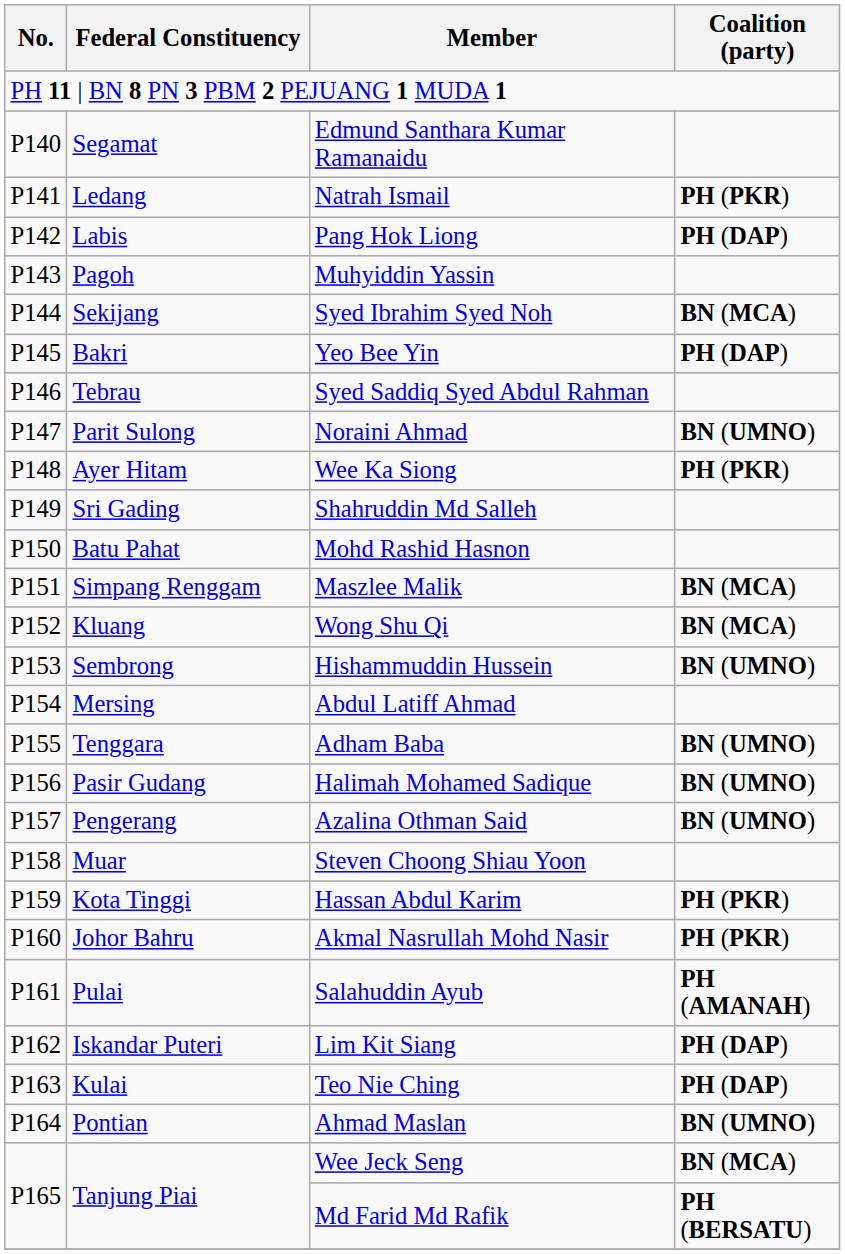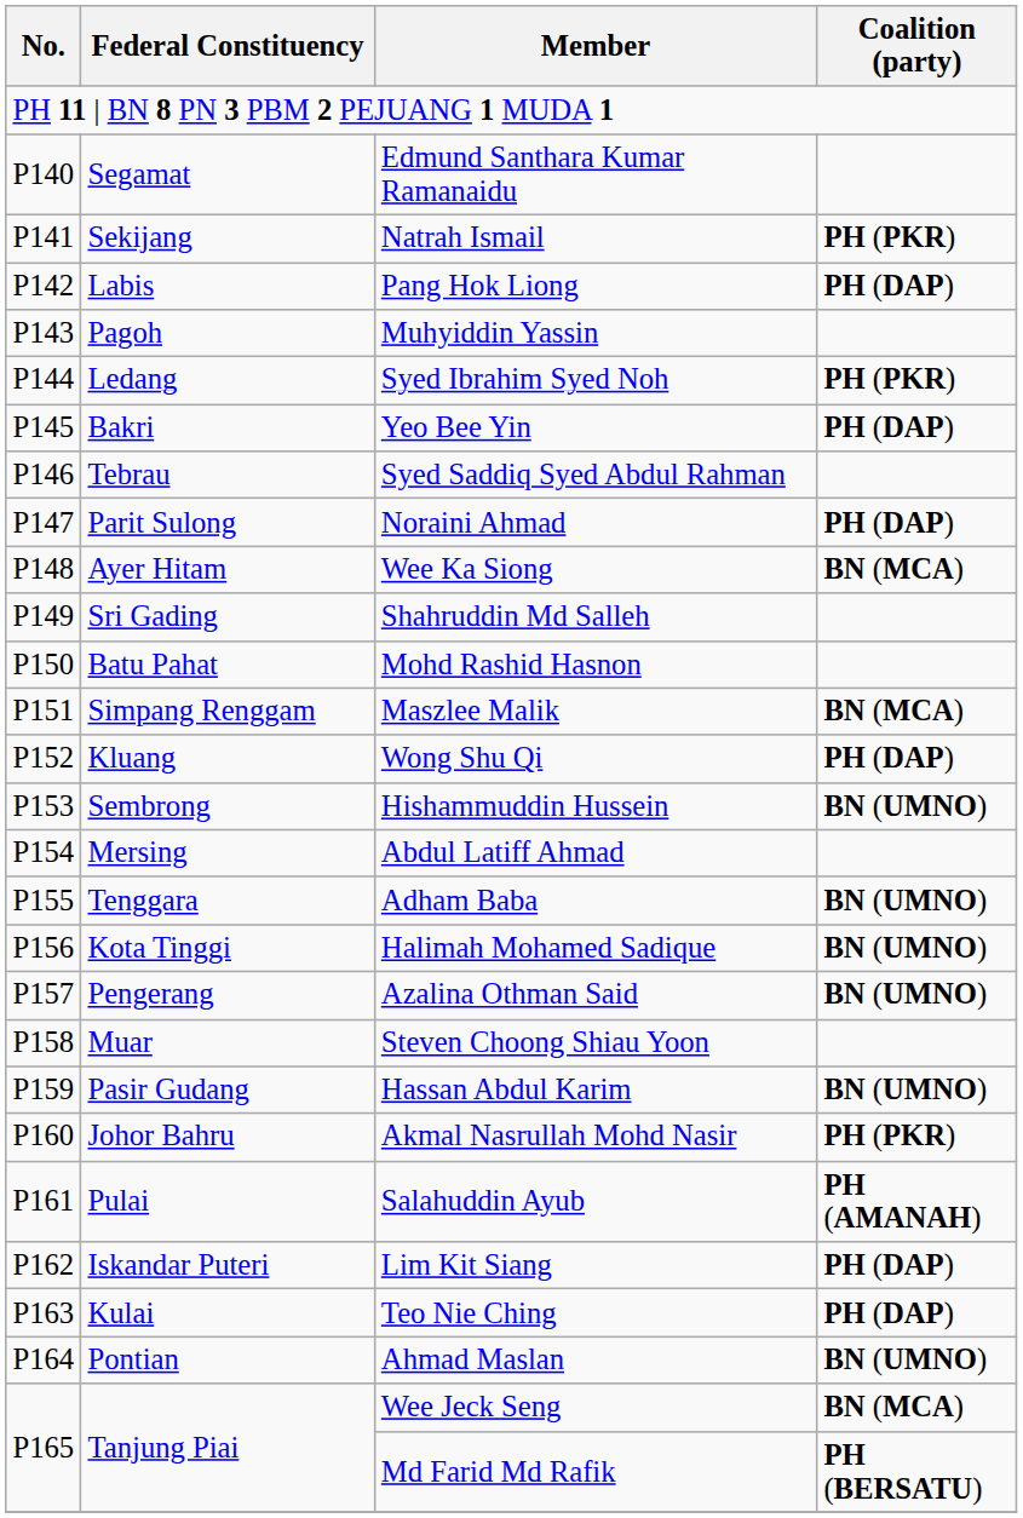 <table class="wikitable sortable">
 <tr>
 <th style="width:30px;">No.</th>
 <th style="width:150px;">Federal Constituency</th>
 <th style="width:230px;">Member</th>
 <th style="width:100px;">Coalition (party)</th>
 </tr>
 <tr>
 <td colspan="4"><a href='#'>PH</a> <strong>11</strong> | <a href='#'>BN</a> <strong>8</strong> <a href='#'>PN</a> <strong>3</strong> <a href='#'>PBM</a>  <strong>2</strong> <a href='#'>PEJUANG</a>  <strong>1</strong> <a href='#'>MUDA</a> <strong>1</strong></td>
 </tr>
 <tr>
 <td>P140</td>
 <td><a href='#'>Segamat</a></td>
 <td><a href='#'>Edmund Santhara Kumar Ramanaidu</a></td>
 <td></td>
 </tr>
 <tr>
 <td>P141</td>
-<td><a href='#'>Ledang</a></td>
+<td><a href='#'>Sekijang</a></td>
 <td><a href='#'>Natrah Ismail</a></td>
 <td><strong>PH</strong> (<strong>PKR</strong>)</td>
 </tr>
 <tr>
 <td>P142</td>
 <td><a href='#'>Labis</a></td>
 <td><a href='#'>Pang Hok Liong</a></td>
 <td><strong>PH</strong> (<strong>DAP</strong>)</td>
 </tr>
 <tr>
 <td>P143</td>
 <td><a href='#'>Pagoh</a></td>
 <td><a href='#'>Muhyiddin Yassin</a></td>
 <td></td>
 </tr>
 <tr>
 <td>P144</td>
-<td><a href='#'>Sekijang</a></td>
+<td><a href='#'>Ledang</a></td>
 <td><a href='#'>Syed Ibrahim Syed Noh</a></td>
-<td><strong>BN</strong> (<strong>MCA</strong>)</td>
+<td><strong>PH</strong> (<strong>PKR</strong>)</td>
 </tr>
 <tr>
 <td>P145</td>
 <td><a href='#'>Bakri</a></td>
 <td><a href='#'>Yeo Bee Yin</a></td>
 <td><strong>PH</strong> (<strong>DAP</strong>)</td>
 </tr>
 <tr>
 <td>P146</td>
 <td><a href='#'>Tebrau</a></td>
 <td><a href='#'>Syed Saddiq Syed Abdul Rahman</a></td>
 <td></td>
 </tr>
 <tr>
 <td>P147</td>
 <td><a href='#'>Parit Sulong</a></td>
 <td><a href='#'>Noraini Ahmad</a></td>
-<td><strong>BN</strong> (<strong>UMNO</strong>)</td>
+<td><strong>PH</strong> (<strong>DAP</strong>)</td>
 </tr>
 <tr>
 <td>P148</td>
 <td><a href='#'>Ayer Hitam</a></td>
 <td><a href='#'>Wee Ka Siong</a></td>
-<td><strong>PH</strong> (<strong>PKR</strong>)</td>
+<td><strong>BN</strong> (<strong>MCA</strong>)</td>
 </tr>
 <tr>
 <td>P149</td>
 <td><a href='#'>Sri Gading</a></td>
 <td><a href='#'>Shahruddin Md Salleh</a></td>
 <td></td>
 </tr>
 <tr>
 <td>P150</td>
 <td><a href='#'>Batu Pahat</a></td>
 <td><a href='#'>Mohd Rashid Hasnon</a></td>
 <td></td>
 </tr>
 <tr>
 <td>P151</td>
 <td><a href='#'>Simpang Renggam</a></td>
 <td><a href='#'>Maszlee Malik</a></td>
 <td><strong>BN</strong> (<strong>MCA</strong>)</td>
 </tr>
 <tr>
 <td>P152</td>
 <td><a href='#'>Kluang</a></td>
 <td><a href='#'>Wong Shu Qi</a></td>
-<td><strong>BN</strong> (<strong>MCA</strong>)</td>
+<td><strong>PH</strong> (<strong>DAP</strong>)</td>
 </tr>
 <tr>
 <td>P153</td>
 <td><a href='#'>Sembrong</a></td>
 <td><a href='#'>Hishammuddin Hussein</a></td>
 <td><strong>BN</strong> (<strong>UMNO</strong>)</td>
 </tr>
 <tr>
 <td>P154</td>
 <td><a href='#'>Mersing</a></td>
 <td><a href='#'>Abdul Latiff Ahmad</a></td>
 <td></td>
 </tr>
 <tr>
 <td>P155</td>
 <td><a href='#'>Tenggara</a></td>
 <td><a href='#'>Adham Baba</a></td>
 <td><strong>BN</strong> (<strong>UMNO</strong>)</td>
 </tr>
 <tr>
 <td>P156</td>
-<td><a href='#'>Pasir Gudang</a></td>
+<td><a href='#'>Kota Tinggi</a></td>
 <td><a href='#'>Halimah Mohamed Sadique</a></td>
 <td><strong>BN</strong> (<strong>UMNO</strong>)</td>
 </tr>
 <tr>
 <td>P157</td>
 <td><a href='#'>Pengerang</a></td>
 <td><a href='#'>Azalina Othman Said</a></td>
 <td><strong>BN</strong> (<strong>UMNO</strong>)</td>
 </tr>
 <tr>
 <td>P158</td>
 <td><a href='#'>Muar</a></td>
 <td><a href='#'>Steven Choong Shiau Yoon</a></td>
 <td></td>
 </tr>
 <tr>
 <td>P159</td>
-<td><a href='#'>Kota Tinggi</a></td>
+<td><a href='#'>Pasir Gudang</a></td>
 <td><a href='#'>Hassan Abdul Karim</a></td>
-<td><strong>PH</strong> (<strong>PKR</strong>)</td>
+<td><strong>BN</strong> (<strong>UMNO</strong>)</td>
 </tr>
 <tr>
 <td>P160</td>
 <td><a href='#'>Johor Bahru</a></td>
 <td><a href='#'>Akmal Nasrullah Mohd Nasir</a></td>
 <td><strong>PH</strong> (<strong>PKR</strong>)</td>
 </tr>
 <tr>
 <td>P161</td>
 <td><a href='#'>Pulai</a></td>
 <td><a href='#'>Salahuddin Ayub</a></td>
 <td><strong>PH</strong> (<strong>AMANAH</strong>)</td>
 </tr>
 <tr>
 <td>P162</td>
 <td><a href='#'>Iskandar Puteri</a></td>
 <td><a href='#'>Lim Kit Siang</a></td>
 <td><strong>PH</strong> (<strong>DAP</strong>)</td>
 </tr>
 <tr>
 <td>P163</td>
 <td><a href='#'>Kulai</a></td>
 <td><a href='#'>Teo Nie Ching</a></td>
 <td><strong>PH</strong> (<strong>DAP</strong>)</td>
 </tr>
 <tr>
 <td>P164</td>
 <td><a href='#'>Pontian</a></td>
 <td><a href='#'>Ahmad Maslan</a></td>
 <td><strong>BN</strong> (<strong>UMNO</strong>)</td>
 </tr>
 <tr>
 <td rowspan="2">P165</td>
 <td rowspan="2"><a href='#'>Tanjung Piai</a></td>
 <td><a href='#'>Wee Jeck Seng</a> </td>
 <td><strong>BN</strong> (<strong>MCA</strong>)</td>
 </tr>
 <tr>
 <td><a href='#'>Md Farid Md Rafik</a> </td>
 <td><strong>PH</strong> (<strong>BERSATU</strong>)</td>
 </tr>
 <tr>
 </tr>
 </table>
